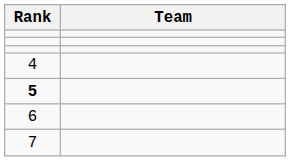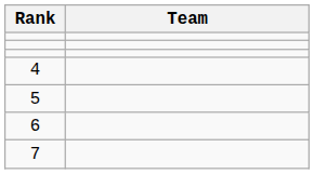 <table class=wikitable style="text-align:center;">
 <tr>
 <th width=40>Rank</th>
 <th width=180>Team</th>
 </tr>
 <tr>
 <td></td>
 <td align=left></td>
 </tr>
 <tr>
 <td></td>
 <td align=left></td>
 </tr>
 <tr>
 <td></td>
 <td align=left></td>
 </tr>
 <tr>
 <td>4</td>
 <td align=left></td>
 </tr>
 <tr>
-<td><strong>5</strong></td>
+<td>5</td>
 <td align=left></td>
 </tr>
 <tr>
 <td>6</td>
 <td align=left></td>
 </tr>
 <tr>
 <td>7</td>
 <td align=left></td>
 </tr>
 </table>
